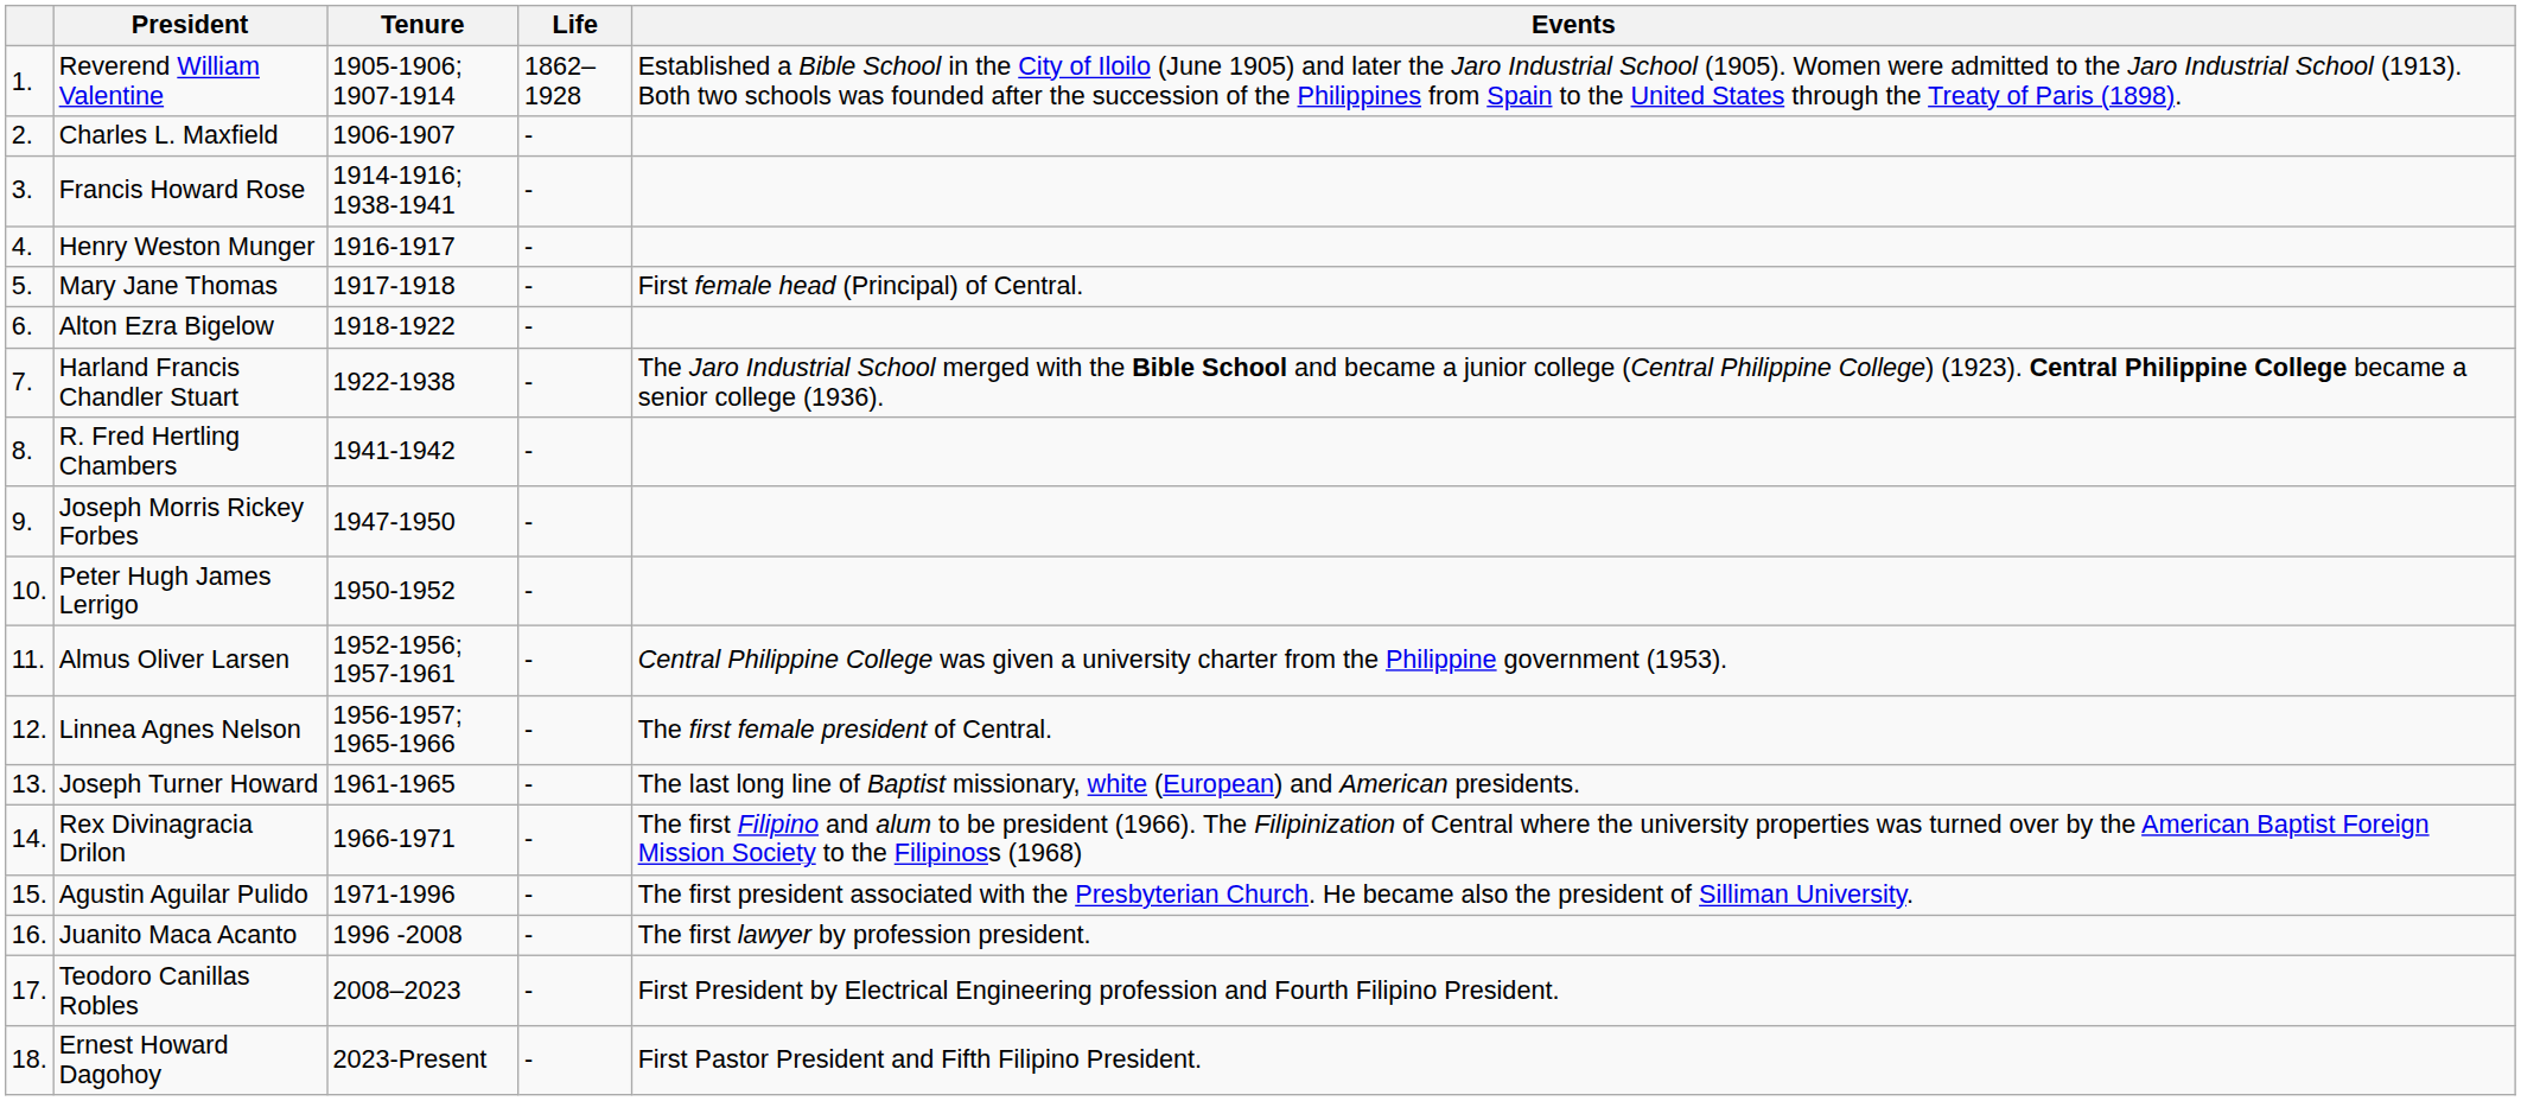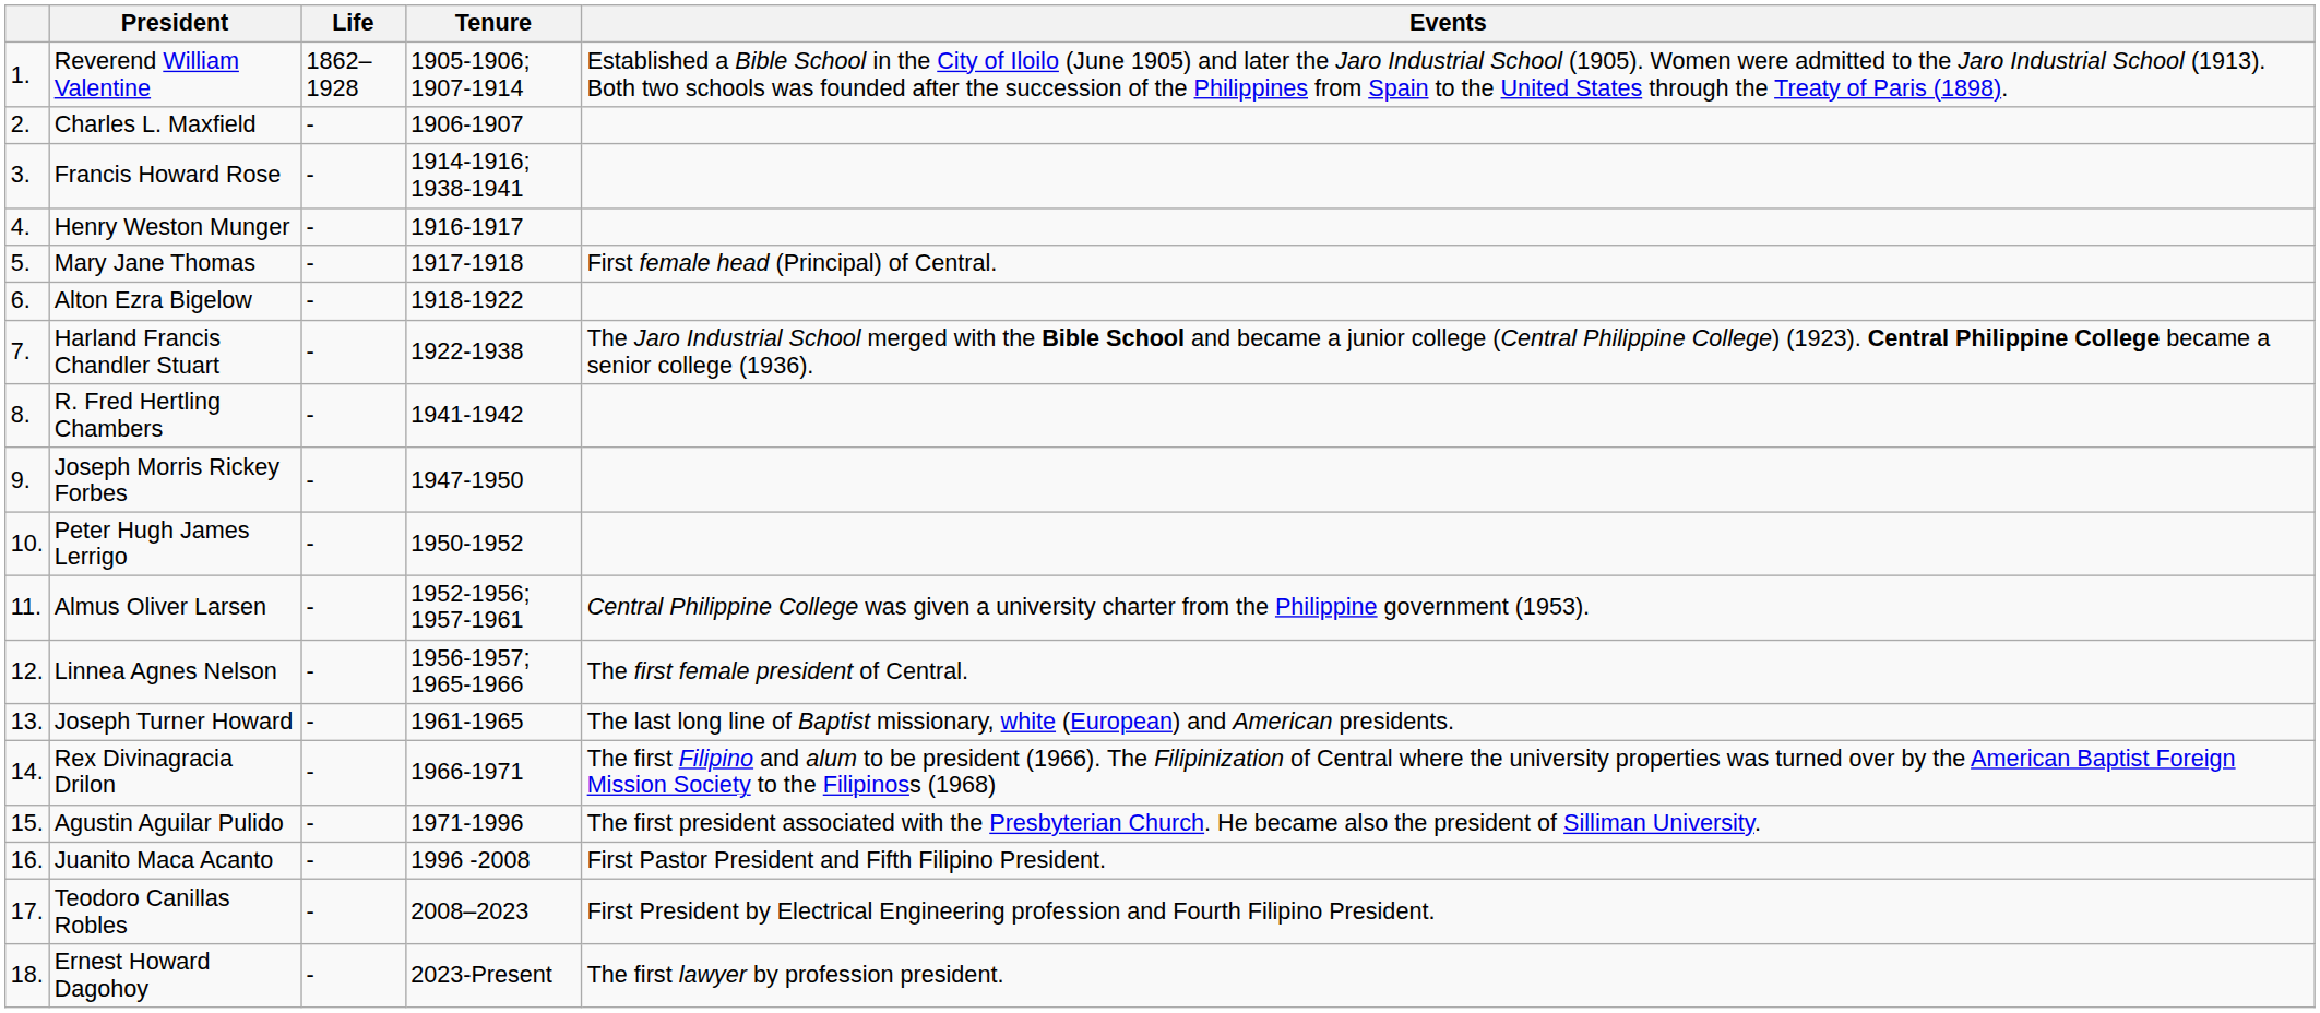 <table class="wikitable">
 <tr>
 <th align="left"></th>
 <th align="left">President</th>
+<th align="right">Life</th>
 <th align="center">Tenure</th>
-<th align="right">Life</th>
 <th align="left">Events</th>
 </tr>
 <tr>
 <td>1. </td>
 <td>Reverend <a href='#'>William Valentine</a></td>
+<td>1862–1928</td>
 <td>1905-1906; 1907-1914</td>
-<td>1862–1928</td>
 <td>Established a <em>Bible School</em> in the <a href='#'>City of Iloilo</a> (June 1905) and later the <em>Jaro Industrial School</em> (1905). Women were admitted to the <em>Jaro Industrial School</em> (1913). Both two schools was founded after the succession of the <a href='#'>Philippines</a> from <a href='#'>Spain</a> to the <a href='#'>United States</a> through the <a href='#'>Treaty of Paris (1898)</a>.</td>
 </tr>
 <tr>
 <td>2. </td>
 <td>Charles L. Maxfield</td>
+<td>-</td>
 <td>1906-1907</td>
-<td>-</td>
 <td></td>
 </tr>
 <tr>
 <td>3. </td>
 <td>Francis Howard Rose</td>
+<td>-</td>
 <td>1914-1916; 1938-1941</td>
-<td>-</td>
 <td></td>
 </tr>
 <tr>
 <td>4. </td>
 <td>Henry Weston Munger</td>
+<td>-</td>
 <td>1916-1917</td>
-<td>-</td>
 <td></td>
 </tr>
 <tr>
 <td>5. </td>
 <td>Mary Jane Thomas</td>
+<td>-</td>
 <td>1917-1918</td>
-<td>-</td>
 <td>First <em>female head</em> (Principal) of Central.</td>
 </tr>
 <tr>
 <td>6. </td>
 <td>Alton Ezra Bigelow</td>
+<td>-</td>
 <td>1918-1922</td>
-<td>-</td>
 <td></td>
 </tr>
 <tr>
 <td>7. </td>
 <td>Harland Francis Chandler Stuart</td>
+<td>-</td>
 <td>1922-1938</td>
-<td>-</td>
 <td>The <em>Jaro Industrial School</em> merged with the <strong>Bible School</strong> and became a junior college (<em>Central Philippine College</em>) (1923). <strong>Central Philippine College</strong> became a senior college (1936).</td>
 </tr>
 <tr>
 <td>8. </td>
 <td>R. Fred Hertling Chambers</td>
+<td>-</td>
 <td>1941-1942</td>
-<td>-</td>
 <td></td>
 </tr>
 <tr>
 <td>9. </td>
 <td>Joseph Morris Rickey Forbes</td>
+<td>-</td>
 <td>1947-1950</td>
-<td>-</td>
 <td></td>
 </tr>
 <tr>
 <td>10. </td>
 <td>Peter Hugh James Lerrigo</td>
+<td>-</td>
 <td>1950-1952</td>
-<td>-</td>
 <td></td>
 </tr>
 <tr>
 <td>11. </td>
 <td>Almus Oliver Larsen</td>
+<td>-</td>
 <td>1952-1956; 1957-1961</td>
-<td>-</td>
 <td><em>Central Philippine College</em> was given a university charter from the <a href='#'>Philippine</a> government (1953).</td>
 </tr>
 <tr>
 <td>12. </td>
 <td>Linnea Agnes Nelson</td>
+<td>-</td>
 <td>1956-1957; 1965-1966</td>
-<td>-</td>
 <td>The <em>first female president</em> of Central.</td>
 </tr>
 <tr>
 <td>13. </td>
 <td>Joseph Turner Howard</td>
+<td>-</td>
 <td>1961-1965</td>
-<td>-</td>
 <td>The last long line of <em>Baptist</em> missionary, <a href='#'>white</a> (<a href='#'>European</a>) and <em>American</em> presidents.</td>
 </tr>
 <tr>
 <td>14. </td>
 <td>Rex Divinagracia Drilon</td>
+<td>-</td>
 <td>1966-1971</td>
-<td>-</td>
 <td>The first <em><a href='#'>Filipino</a></em> and <em>alum</em> to be president (1966). The <em>Filipinization</em> of Central where the university properties was turned over by the <a href='#'>American Baptist Foreign Mission Society</a> to the <a href='#'>Filipinos</a>s (1968)</td>
 </tr>
 <tr>
 <td>15. </td>
 <td>Agustin Aguilar Pulido</td>
+<td>-</td>
 <td>1971-1996</td>
-<td>-</td>
 <td>The first president associated with the <a href='#'>Presbyterian Church</a>. He became also the president of <a href='#'>Silliman University</a>.</td>
 </tr>
 <tr>
 <td>16. </td>
 <td>Juanito Maca Acanto</td>
+<td>-</td>
 <td>1996 -2008</td>
-<td>-</td>
-<td>The first <em>lawyer</em> by profession president.</td>
+<td>First Pastor President and Fifth Filipino President.</td>
 </tr>
 <tr>
 <td>17.</td>
 <td>Teodoro Canillas Robles</td>
+<td>-</td>
 <td>2008–2023</td>
-<td>-</td>
 <td>First President by Electrical Engineering profession and Fourth Filipino President.</td>
 </tr>
 <tr>
 <td>18.</td>
 <td>Ernest Howard Dagohoy</td>
+<td>-</td>
 <td>2023-Present</td>
-<td>-</td>
-<td>First Pastor President and Fifth Filipino President.</td>
+<td>The first <em>lawyer</em> by profession president.</td>
 </tr>
 </table>
